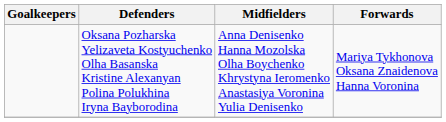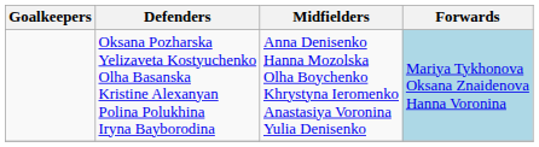 <table class="wikitable">
 <tr>
 <th>Goalkeepers</th>
 <th>Defenders</th>
 <th>Midfielders</th>
 <th>Forwards</th>
 </tr>
 <tr>
 <td></td>
 <td> <a href='#'>Oksana Pozharska</a> <br> <a href='#'>Yelizaveta Kostyuchenko</a> <br>  <a href='#'>Olha Basanska</a> <br>  <a href='#'>Kristine Alexanyan</a> <br>  <a href='#'>Polina Polukhina</a> <br>  <a href='#'>Iryna Bayborodina</a> <br></td>
 <td> <a href='#'>Anna Denisenko</a> <br>  <a href='#'>Hanna Mozolska</a> <br>   <a href='#'>Olha Boychenko</a> <br>  <a href='#'>Khrystyna Ieromenko</a> <br>  <a href='#'>Anastasiya Voronina</a> <br>  <a href='#'>Yulia Denisenko</a> <br></td>
-<td> <a href='#'>Mariya Tykhonova</a> <br>  <a href='#'>Oksana Znaidenova</a> <br>  <a href='#'>Hanna Voronina</a> <br></td>
+<td style="background: lightblue;"> <a href='#'>Mariya Tykhonova</a> <br>  <a href='#'>Oksana Znaidenova</a> <br>  <a href='#'>Hanna Voronina</a> <br></td>
 </tr>
 <tr>
 </tr>
 </table>
